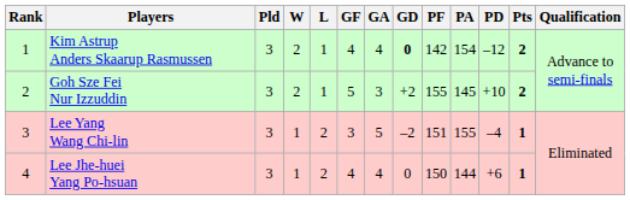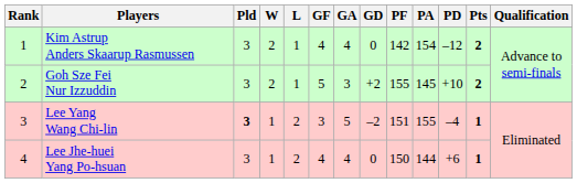 <table class="wikitable" style="font-size:90%; text-align:center">
 <tr>
 <th width="20">Rank</th>
 <th width="200">Players</th>
 <th width="20">Pld</th>
 <th width="20">W</th>
 <th width="20">L</th>
 <th width="20">GF</th>
 <th width="20">GA</th>
 <th width="20">GD</th>
 <th width="20">PF</th>
 <th width="20">PA</th>
 <th width="20">PD</th>
 <th width="20">Pts</th>
 <th width="20">Qualification</th>
 </tr>
 <tr style="background:#ccffcc">
 <td>1</td>
 <td style="text-align:left"> <a href='#'>Kim Astrup</a><br> <a href='#'>Anders Skaarup Rasmussen</a></td>
 <td>3</td>
 <td>2</td>
 <td>1</td>
 <td>4</td>
 <td>4</td>
-<td><strong>0</strong></td>
+<td>0</td>
 <td>142</td>
 <td>154</td>
 <td>–12</td>
 <td><strong>2</strong></td>
 <td rowspan="2">Advance to <a href='#'>semi-finals</a></td>
 </tr>
 <tr style="background:#ccffcc">
 <td>2</td>
 <td style="text-align:left"> <a href='#'>Goh Sze Fei</a><br> <a href='#'>Nur Izzuddin</a></td>
 <td>3</td>
 <td>2</td>
 <td>1</td>
 <td>5</td>
 <td>3</td>
 <td>+2</td>
 <td>155</td>
 <td>145</td>
 <td>+10</td>
 <td><strong>2</strong></td>
 </tr>
 <tr style="background:#ffcccc">
 <td>3</td>
 <td style="text-align:left"> <a href='#'>Lee Yang</a><br> <a href='#'>Wang Chi-lin</a></td>
-<td>3</td>
+<td><strong>3</strong></td>
 <td>1</td>
 <td>2</td>
 <td>3</td>
 <td>5</td>
 <td>–2</td>
 <td>151</td>
 <td>155</td>
 <td>–4</td>
 <td><strong>1</strong></td>
 <td rowspan="2">Eliminated</td>
 </tr>
 <tr style="background:#ffcccc">
 <td>4</td>
 <td style="text-align:left"> <a href='#'>Lee Jhe-huei</a><br> <a href='#'>Yang Po-hsuan</a></td>
 <td>3</td>
 <td>1</td>
 <td>2</td>
 <td>4</td>
 <td>4</td>
 <td>0</td>
 <td>150</td>
 <td>144</td>
 <td>+6</td>
 <td><strong>1</strong></td>
 </tr>
 </table>
